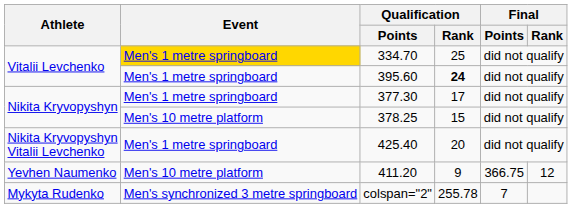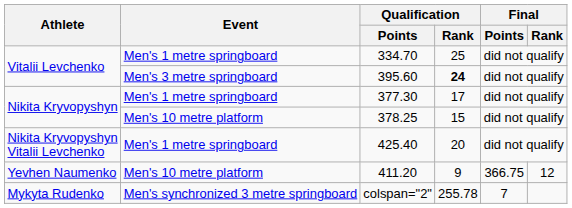 <table class="wikitable" style="text-align: center; font-size:90%">
 <tr>
 <th rowspan="2">Athlete</th>
 <th rowspan="2">Event</th>
 <th colspan="2">Qualification</th>
 <th colspan="2">Final</th>
 </tr>
 <tr>
 <th>Points</th>
 <th>Rank</th>
 <th>Points</th>
 <th>Rank</th>
 </tr>
 <tr>
 <td align="left" rowspan="2"><a href='#'>Vitalii Levchenko</a></td>
-<td align="left" style="background: gold;"><a href='#'>Men's 1 metre springboard</a></td>
+<td align="left"><a href='#'>Men's 1 metre springboard</a></td>
 <td>334.70</td>
 <td>25</td>
 <td colspan="2">did not qualify</td>
 </tr>
 <tr>
-<td align="left"><a href='#'>Men's 1 metre springboard</a></td>
+<td align="left"><a href='#'>Men's 3 metre springboard</a></td>
 <td>395.60</td>
 <td><strong>24</strong></td>
 <td colspan="2">did not qualify</td>
 </tr>
 <tr>
 <td align="left" rowspan="2"><a href='#'>Nikita Kryvopyshyn</a></td>
 <td align="left"><a href='#'>Men's 1 metre springboard</a></td>
 <td>377.30</td>
 <td>17</td>
 <td colspan="2">did not qualify</td>
 </tr>
 <tr>
 <td align="left"><a href='#'>Men's 10 metre platform</a></td>
 <td>378.25</td>
 <td>15</td>
 <td colspan="2">did not qualify</td>
 </tr>
 <tr>
 <td align="left"><a href='#'>Nikita Kryvopyshyn</a><br><a href='#'>Vitalii Levchenko</a></td>
 <td align="left"><a href='#'>Men's 1 metre springboard</a></td>
 <td>425.40</td>
 <td>20</td>
 <td colspan="2">did not qualify</td>
 </tr>
 <tr>
 <td align="left"><a href='#'>Yevhen Naumenko</a></td>
 <td align="left"><a href='#'>Men's 10 metre platform</a></td>
 <td>411.20</td>
 <td>9</td>
 <td>366.75</td>
 <td>12</td>
 </tr>
 <tr>
 <td align="left"><a href='#'>Mykyta Rudenko</a></td>
 <td align="left"><a href='#'>Men's synchronized 3 metre springboard</a></td>
 <td>colspan="2" </td>
 <td>255.78</td>
 <td>7</td>
 </tr>
 </table>
